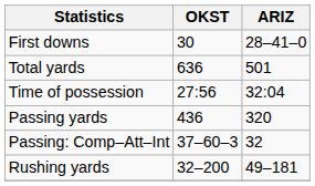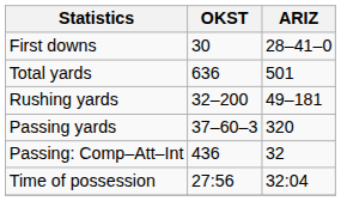 <table class="wikitable" style="float: left;">
 <tr>
 <th>Statistics</th>
 <th>OKST</th>
 <th>ARIZ</th>
 </tr>
 <tr>
 <td>First downs</td>
 <td>30</td>
 <td>28–41–0</td>
 </tr>
 <tr>
 <td>Total yards</td>
 <td>636</td>
 <td>501</td>
 </tr>
 <tr>
+<td>Rushing yards</td>
+<td>32–200</td>
+<td>49–181</td>
+</tr>
+<tr>
+<td>Passing yards</td>
+<td>37–60–3</td>
+<td>320</td>
+</tr>
+<tr>
+<td>Passing: Comp–Att–Int</td>
+<td>436</td>
+<td>32</td>
+</tr>
+<tr>
 <td>Time of possession</td>
 <td>27:56</td>
 <td>32:04</td>
 </tr>
 <tr>
-<td>Passing yards</td>
-<td>436</td>
-<td>320</td>
-</tr>
-<tr>
-<td>Passing: Comp–Att–Int</td>
-<td>37–60–3</td>
-<td>32</td>
-</tr>
-<tr>
-<td>Rushing yards</td>
-<td>32–200</td>
-<td>49–181</td>
-</tr>
-<tr>
 </tr>
 </table>
